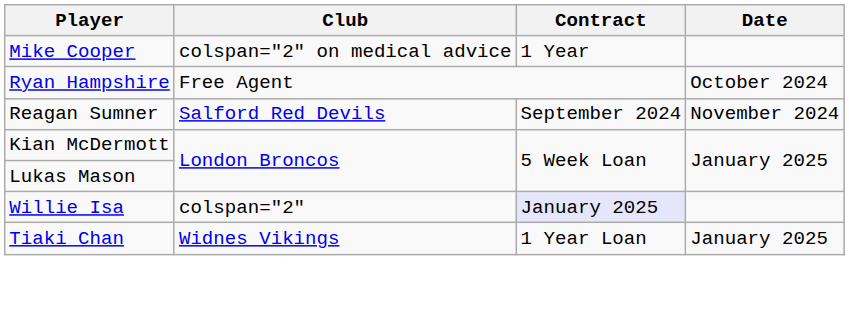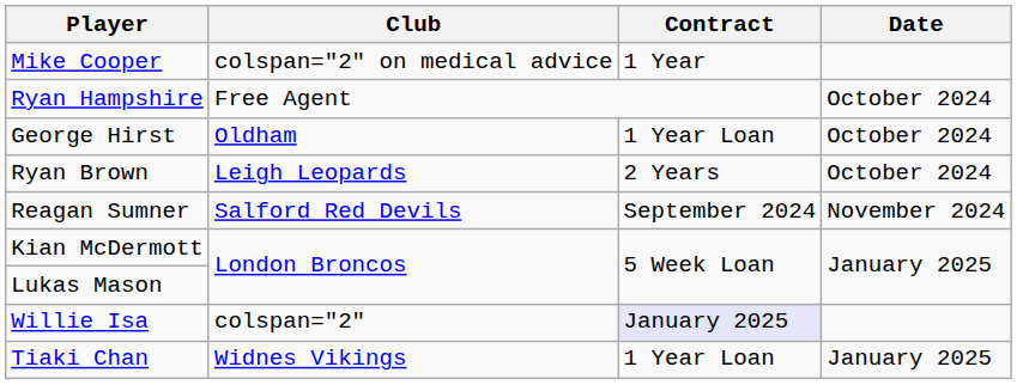 <table class="wikitable">
 <tr>
 <th>Player</th>
 <th>Club</th>
 <th>Contract</th>
 <th>Date</th>
 </tr>
 <tr>
 <td> <a href='#'>Mike Cooper</a></td>
 <td>colspan="2" on medical advice</td>
 <td>1 Year</td>
 </tr>
 <tr>
 <td> <a href='#'>Ryan Hampshire</a></td>
 <td colspan="2">Free Agent</td>
+<td>October 2024</td>
+</tr>
+<tr>
+<td> George Hirst</td>
+<td> <a href='#'>Oldham</a></td>
+<td>1 Year Loan</td>
+<td>October 2024</td>
+</tr>
+<tr>
+<td> Ryan Brown</td>
+<td> <a href='#'>Leigh Leopards</a></td>
+<td>2 Years</td>
 <td>October 2024</td>
 </tr>
 <tr>
 <td> Reagan Sumner</td>
 <td> <a href='#'>Salford Red Devils</a></td>
 <td>September 2024</td>
 <td>November 2024</td>
 </tr>
 <tr>
 <td> Kian McDermott</td>
 <td Rowspan=2> <a href='#'>London Broncos</a></td>
 <td Rowspan=2>5 Week Loan</td>
 <td Rowspan=2>January 2025</td>
 </tr>
 <tr>
 <td> Lukas Mason</td>
 </tr>
 <tr>
 <td> <a href='#'>Willie Isa</a></td>
 <td>colspan="2"</td>
 <td style="background: lavender;">January 2025</td>
 </tr>
 <tr>
 <td> <a href='#'>Tiaki Chan</a></td>
 <td> <a href='#'>Widnes Vikings</a></td>
 <td>1 Year Loan</td>
 <td>January 2025</td>
 </tr>
 </table>
